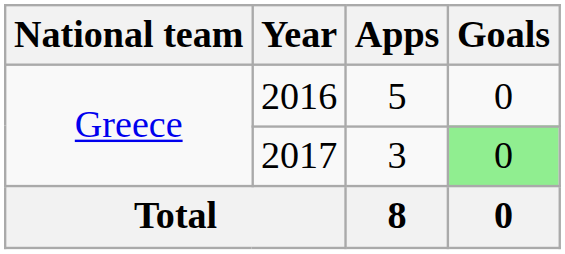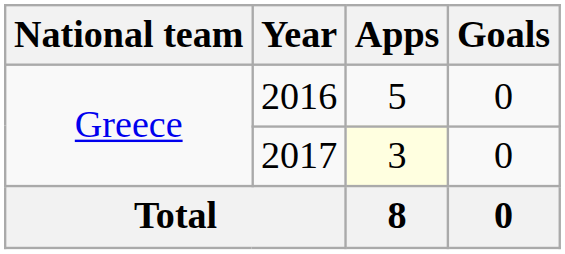 <table class="wikitable" style="text-align:center">
 <tr>
 <th>National team</th>
 <th>Year</th>
 <th>Apps</th>
 <th>Goals</th>
 </tr>
 <tr>
 <td rowspan="2"><a href='#'>Greece</a></td>
 <td>2016</td>
 <td>5</td>
 <td>0</td>
 </tr>
 <tr>
 <td>2017</td>
-<td>3</td>
-<td style="background: lightgreen;">0</td>
+<td style="background: lightyellow;">3</td>
+<td>0</td>
 </tr>
 <tr>
 <th colspan="2">Total</th>
 <th>8</th>
 <th>0</th>
 </tr>
 </table>
